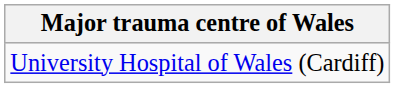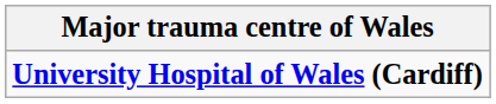 <table class="wikitable">
 <tr>
 <th>Major trauma centre of Wales</th>
 </tr>
 <tr>
-<td><a href='#'>University Hospital of Wales</a> (Cardiff)</td>
+<td><strong><a href='#'>University Hospital of Wales</a> (Cardiff)</strong></td>
 </tr>
 </table>
